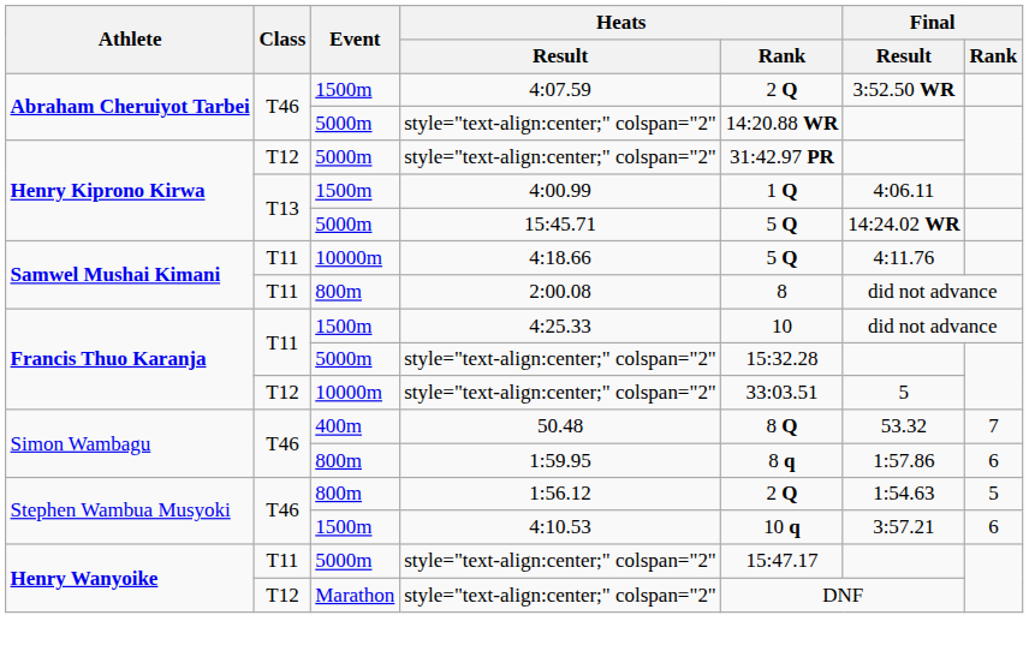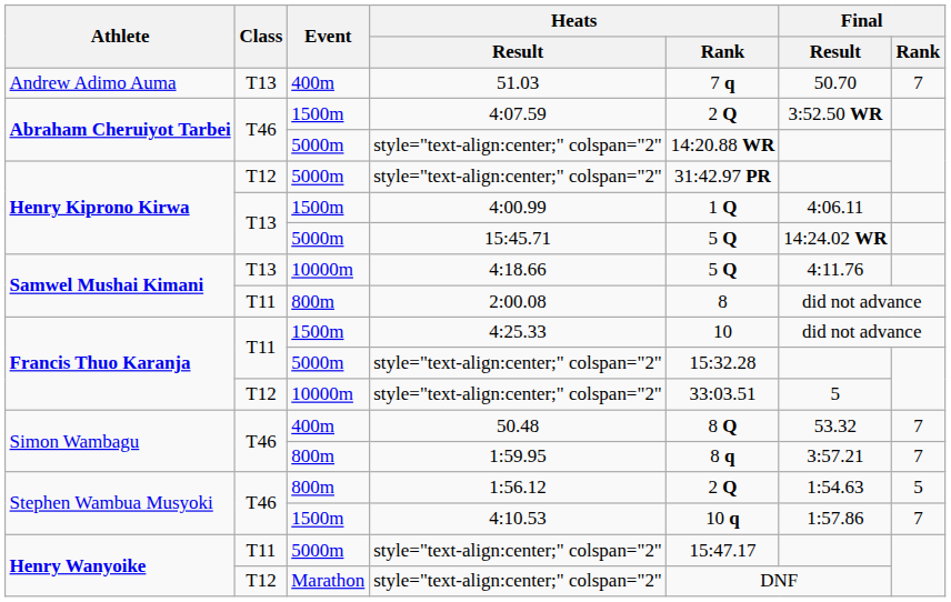 <table class=wikitable style="font-size:90%">
 <tr>
 <th rowspan="2">Athlete</th>
 <th rowspan="2">Class</th>
 <th rowspan="2">Event</th>
 <th colspan="2">Heats</th>
 <th colspan="2">Final</th>
 </tr>
 <tr>
 <th>Result</th>
 <th>Rank</th>
 <th>Result</th>
 <th>Rank</th>
+</tr>
+<tr>
+<td><a href='#'>Andrew Adimo Auma</a></td>
+<td style="text-align:center;">T13</td>
+<td><a href='#'>400m</a></td>
+<td style="text-align:center;">51.03</td>
+<td style="text-align:center;">7 <strong>q</strong></td>
+<td style="text-align:center;">50.70</td>
+<td style="text-align:center;">7</td>
 </tr>
 <tr>
 <td rowspan="2"><strong><a href='#'>Abraham Cheruiyot Tarbei</a></strong></td>
 <td rowspan="2" style="text-align:center;">T46</td>
 <td><a href='#'>1500m</a></td>
 <td style="text-align:center;">4:07.59</td>
 <td style="text-align:center;">2 <strong>Q</strong></td>
 <td style="text-align:center;">3:52.50 <strong>WR</strong></td>
 <td style="text-align:center;"></td>
 </tr>
 <tr>
 <td><a href='#'>5000m</a></td>
 <td>style="text-align:center;" colspan="2" </td>
 <td style="text-align:center;">14:20.88 <strong>WR</strong></td>
 <td style="text-align:center;"></td>
 </tr>
 <tr>
 <td rowspan="3"><strong><a href='#'>Henry Kiprono Kirwa</a></strong></td>
 <td style="text-align:center;">T12</td>
 <td><a href='#'>5000m</a></td>
 <td>style="text-align:center;" colspan="2" </td>
 <td style="text-align:center;">31:42.97 <strong>PR</strong></td>
 <td style="text-align:center;"></td>
 </tr>
 <tr>
 <td rowspan="2" style="text-align:center;">T13</td>
 <td><a href='#'>1500m</a></td>
 <td style="text-align:center;">4:00.99</td>
 <td style="text-align:center;">1 <strong>Q</strong></td>
 <td style="text-align:center;">4:06.11</td>
 <td style="text-align:center;"></td>
 </tr>
 <tr>
 <td><a href='#'>5000m</a></td>
 <td style="text-align:center;">15:45.71</td>
 <td style="text-align:center;">5 <strong>Q</strong></td>
 <td style="text-align:center;">14:24.02 <strong>WR</strong></td>
 <td style="text-align:center;"></td>
 </tr>
 <tr>
 <td rowspan="2"><strong><a href='#'>Samwel Mushai Kimani</a></strong></td>
-<td style="text-align:center;">T11</td>
+<td style="text-align:center;">T13</td>
 <td><a href='#'>10000m</a></td>
 <td style="text-align:center;">4:18.66</td>
 <td style="text-align:center;">5 <strong>Q</strong></td>
 <td style="text-align:center;">4:11.76</td>
 <td style="text-align:center;"></td>
 </tr>
 <tr>
 <td style="text-align:center;">T11</td>
 <td><a href='#'>800m</a></td>
 <td style="text-align:center;">2:00.08</td>
 <td style="text-align:center;">8</td>
 <td style="text-align:center;" colspan="2">did not advance</td>
 </tr>
 <tr>
 <td rowspan="3"><strong><a href='#'>Francis Thuo Karanja</a></strong></td>
 <td rowspan="2" style="text-align:center;">T11</td>
 <td><a href='#'>1500m</a></td>
 <td style="text-align:center;">4:25.33</td>
 <td style="text-align:center;">10</td>
 <td style="text-align:center;" colspan="2">did not advance</td>
 </tr>
 <tr>
 <td><a href='#'>5000m</a></td>
 <td>style="text-align:center;" colspan="2" </td>
 <td style="text-align:center;">15:32.28</td>
 <td style="text-align:center;"></td>
 </tr>
 <tr>
 <td style="text-align:center;">T12</td>
 <td><a href='#'>10000m</a></td>
 <td>style="text-align:center;" colspan="2" </td>
 <td style="text-align:center;">33:03.51</td>
 <td style="text-align:center;">5</td>
 </tr>
 <tr>
 <td rowspan="2"><a href='#'>Simon Wambagu</a></td>
 <td rowspan="2" style="text-align:center;">T46</td>
 <td><a href='#'>400m</a></td>
 <td style="text-align:center;">50.48</td>
 <td style="text-align:center;">8 <strong>Q</strong></td>
 <td style="text-align:center;">53.32</td>
 <td style="text-align:center;">7</td>
 </tr>
 <tr>
 <td><a href='#'>800m</a></td>
 <td style="text-align:center;">1:59.95</td>
 <td style="text-align:center;">8 <strong>q</strong></td>
-<td style="text-align:center;">1:57.86</td>
-<td style="text-align:center;">6</td>
+<td style="text-align:center;">3:57.21</td>
+<td style="text-align:center;">7</td>
 </tr>
 <tr>
 <td rowspan="2"><a href='#'>Stephen Wambua Musyoki</a></td>
 <td rowspan="2" style="text-align:center;">T46</td>
 <td><a href='#'>800m</a></td>
 <td style="text-align:center;">1:56.12</td>
 <td style="text-align:center;">2 <strong>Q</strong></td>
 <td style="text-align:center;">1:54.63</td>
 <td style="text-align:center;">5</td>
 </tr>
 <tr>
 <td><a href='#'>1500m</a></td>
 <td style="text-align:center;">4:10.53</td>
 <td style="text-align:center;">10 <strong>q</strong></td>
-<td style="text-align:center;">3:57.21</td>
-<td style="text-align:center;">6</td>
+<td style="text-align:center;">1:57.86</td>
+<td style="text-align:center;">7</td>
 </tr>
 <tr>
 <td rowspan="2"><strong><a href='#'>Henry Wanyoike</a></strong></td>
 <td style="text-align:center;">T11</td>
 <td><a href='#'>5000m</a></td>
 <td>style="text-align:center;" colspan="2" </td>
 <td style="text-align:center;">15:47.17</td>
 <td style="text-align:center;"></td>
 </tr>
 <tr>
 <td style="text-align:center;">T12</td>
 <td><a href='#'>Marathon</a></td>
 <td>style="text-align:center;" colspan="2" </td>
 <td style="text-align:center;" colspan="2">DNF</td>
 </tr>
 </table>
